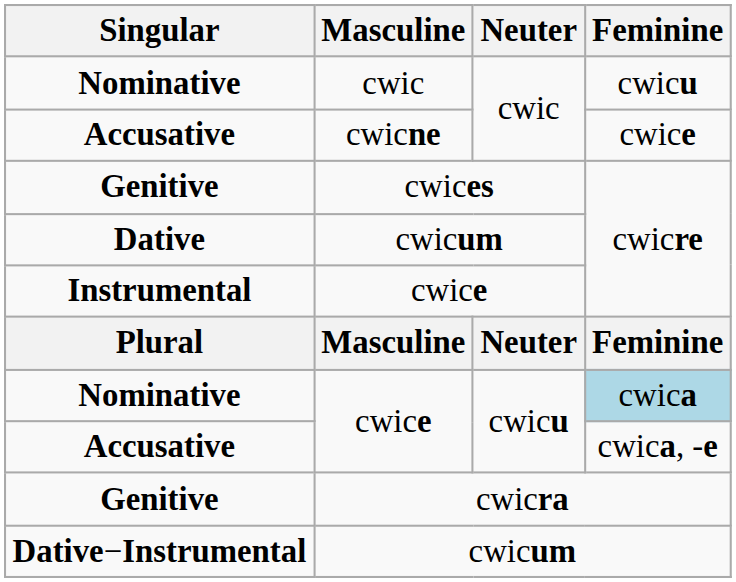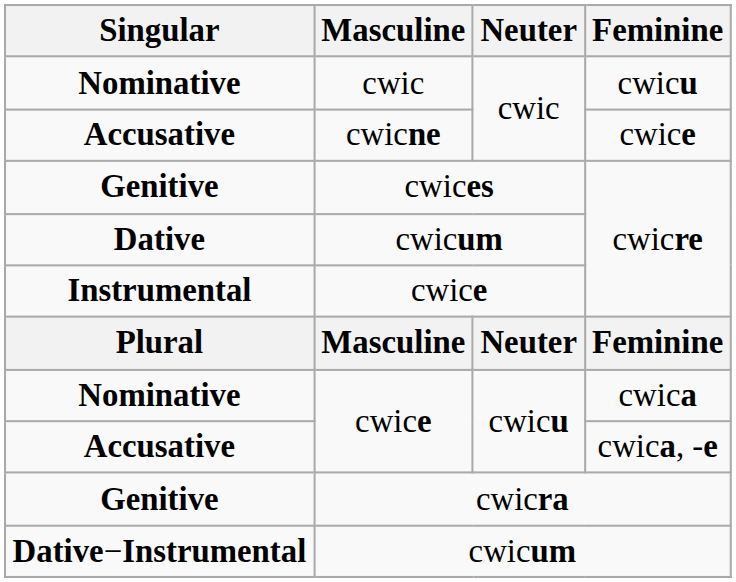 <table class="wikitable" style="text-align:center">
 <tr>
 <th>Singular</th>
 <th>Masculine</th>
 <th>Neuter</th>
 <th>Feminine</th>
 </tr>
 <tr>
 <td><strong>Nominative</strong></td>
 <td>cwic</td>
 <td rowspan="2">cwic</td>
 <td>cwic<strong>u</strong></td>
 </tr>
 <tr>
 <td><strong>Accusative</strong></td>
 <td>cwic<strong>ne</strong></td>
 <td>cwic<strong>e</strong></td>
 </tr>
 <tr>
 <td><strong>Genitive</strong></td>
 <td colspan="2">cwic<strong>es</strong></td>
 <td rowspan="3">cwic<strong>re</strong></td>
 </tr>
 <tr>
 <td><strong>Dative</strong></td>
 <td colspan="2">cwic<strong>um</strong></td>
 </tr>
 <tr>
 <td><strong>Instrumental</strong></td>
 <td colspan="2">cwic<strong>e</strong></td>
 </tr>
 <tr>
 <th>Plural</th>
 <th>Masculine</th>
 <th>Neuter</th>
 <th>Feminine</th>
 </tr>
 <tr>
 <td><strong>Nominative</strong></td>
 <td rowspan="2">cwic<strong>e</strong></td>
 <td rowspan="2">cwic<strong>u</strong></td>
-<td style="background: lightblue;">cwic<strong>a</strong></td>
+<td>cwic<strong>a</strong></td>
 </tr>
 <tr>
 <td><strong>Accusative</strong></td>
 <td>cwic<strong>a</strong>, -<strong>e</strong></td>
 </tr>
 <tr>
 <td><strong>Genitive</strong></td>
 <td colspan="3">cwic<strong>ra</strong></td>
 </tr>
 <tr>
 <td><strong>Dative</strong>−<strong>Instrumental</strong></td>
 <td colspan="3">cwic<strong>um</strong></td>
 </tr>
 </table>
